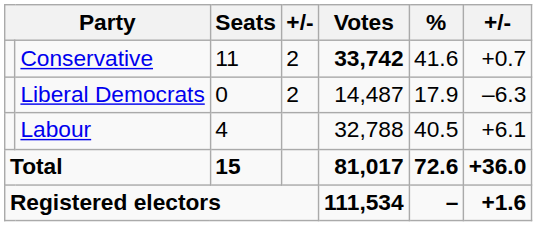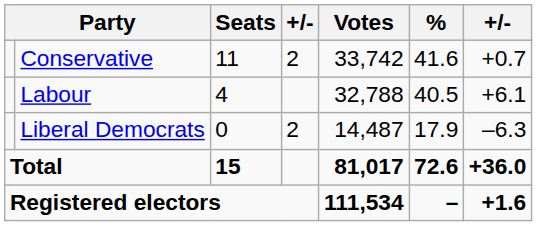 <table class="wikitable sortable">
 <tr>
 <th colspan="2">Party</th>
 <th>Seats</th>
 <th>+/-</th>
 <th>Votes</th>
 <th>%</th>
 <th>+/-</th>
 </tr>
 <tr>
 <td style="background-color: "></td>
 <td><a href='#'>Conservative</a></td>
 <td>11</td>
 <td> 2</td>
-<td style="text-align:right;"><strong>33,742</strong></td>
+<td style="text-align:right;">33,742</td>
 <td style="text-align:right;">41.6</td>
 <td style="text-align:right;">+0.7</td>
+</tr>
+<tr>
+<td style="background-color: "></td>
+<td><a href='#'>Labour</a></td>
+<td>4</td>
+<td></td>
+<td style="text-align:right;">32,788</td>
+<td style="text-align:right;">40.5</td>
+<td style="text-align:right;">+6.1</td>
 </tr>
 <tr>
 <td style="background-color: "></td>
 <td><a href='#'>Liberal Democrats</a></td>
 <td>0</td>
 <td> 2</td>
 <td style="text-align:right;">14,487</td>
 <td style="text-align:right;">17.9</td>
 <td style="text-align:right;">–6.3</td>
-</tr>
-<tr>
-<td style="background-color: "></td>
-<td><a href='#'>Labour</a></td>
-<td>4</td>
-<td></td>
-<td style="text-align:right;">32,788</td>
-<td style="text-align:right;">40.5</td>
-<td style="text-align:right;">+6.1</td>
 </tr>
 <tr>
 <td colspan="2"><strong>Total</strong></td>
 <td><strong>15</strong></td>
 <td></td>
 <td style="text-align:right;"><strong>81,017</strong></td>
 <td style="text-align:right;"><strong>72.6</strong></td>
 <td style="text-align:right;"><strong>+36.0</strong></td>
 </tr>
 <tr>
 <td colspan="4"><strong>Registered electors</strong></td>
 <td style="text-align:right;"><strong>111,534</strong></td>
 <td style="text-align:right;"><strong>–</strong></td>
 <td style="text-align:right;"><strong>+1.6</strong></td>
 </tr>
 </table>
